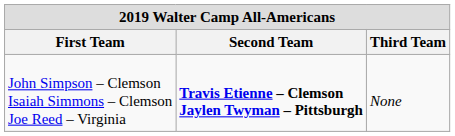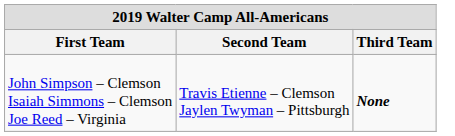 <table class="wikitable" style="white-space:nowrap; font-size:90%;">
 <tr>
 <td colspan="7" style="text-align:center; background:#ddd;"><strong>2019 Walter Camp All-Americans</strong></td>
 </tr>
 <tr>
 <th>First Team</th>
 <th>Second Team</th>
 <th>Third Team</th>
 </tr>
 <tr>
 <td><br><a href='#'>John Simpson</a> – Clemson<br> <a href='#'>Isaiah Simmons</a> – Clemson<br> <a href='#'>Joe Reed</a> – Virginia</td>
-<td><strong><br><a href='#'>Travis Etienne</a> – Clemson<br> <a href='#'>Jaylen Twyman</a> – Pittsburgh</strong></td>
-<td><br><em>None</em></td>
+<td><br><a href='#'>Travis Etienne</a> – Clemson<br> <a href='#'>Jaylen Twyman</a> – Pittsburgh</td>
+<td><strong><br><em>None</em></strong></td>
 </tr>
 </table>
